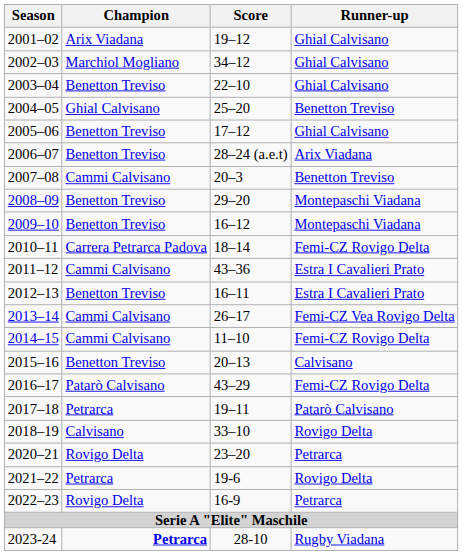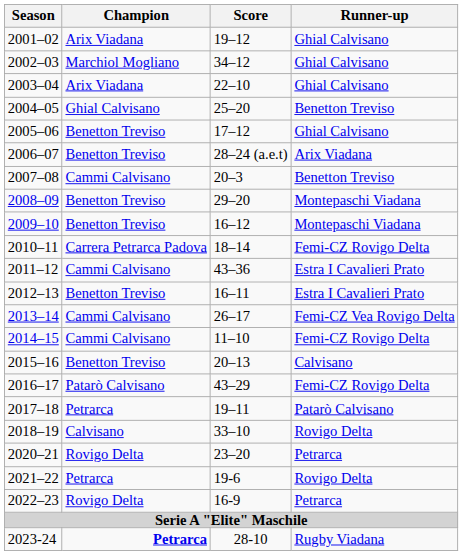 <table class = "wikitable">
 <tr>
 <th>Season</th>
 <th>Champion</th>
 <th>Score</th>
 <th>Runner-up</th>
 </tr>
 <tr>
 <td>2001–02</td>
 <td><a href='#'>Arix Viadana</a></td>
 <td>19–12</td>
 <td><a href='#'>Ghial Calvisano</a></td>
 </tr>
 <tr>
 <td>2002–03</td>
 <td><a href='#'>Marchiol Mogliano</a></td>
 <td>34–12</td>
 <td><a href='#'>Ghial Calvisano</a></td>
 </tr>
 <tr>
 <td>2003–04</td>
-<td><a href='#'>Benetton Treviso</a></td>
+<td><a href='#'>Arix Viadana</a></td>
 <td>22–10</td>
 <td><a href='#'>Ghial Calvisano</a></td>
 </tr>
 <tr>
 <td>2004–05</td>
 <td><a href='#'>Ghial Calvisano</a></td>
 <td>25–20</td>
 <td><a href='#'>Benetton Treviso</a></td>
 </tr>
 <tr>
 <td>2005–06</td>
 <td><a href='#'>Benetton Treviso</a></td>
 <td>17–12</td>
 <td><a href='#'>Ghial Calvisano</a></td>
 </tr>
 <tr>
 <td>2006–07</td>
 <td><a href='#'>Benetton Treviso</a></td>
 <td>28–24 (a.e.t)</td>
 <td><a href='#'>Arix Viadana</a></td>
 </tr>
 <tr>
 <td>2007–08</td>
 <td><a href='#'>Cammi Calvisano</a></td>
 <td>20–3</td>
 <td><a href='#'>Benetton Treviso</a></td>
 </tr>
 <tr>
 <td><a href='#'>2008–09</a></td>
 <td><a href='#'>Benetton Treviso</a></td>
 <td>29–20</td>
 <td><a href='#'>Montepaschi Viadana</a></td>
 </tr>
 <tr>
 <td><a href='#'>2009–10</a></td>
 <td><a href='#'>Benetton Treviso</a></td>
 <td>16–12</td>
 <td><a href='#'>Montepaschi Viadana</a></td>
 </tr>
 <tr>
 <td>2010–11</td>
 <td><a href='#'>Carrera Petrarca Padova</a></td>
 <td>18–14</td>
 <td><a href='#'>Femi-CZ Rovigo Delta</a></td>
 </tr>
 <tr>
 <td>2011–12</td>
 <td><a href='#'>Cammi Calvisano</a></td>
 <td>43–36</td>
 <td><a href='#'>Estra I Cavalieri Prato</a></td>
 </tr>
 <tr>
 <td>2012–13</td>
 <td><a href='#'>Benetton Treviso</a></td>
 <td>16–11</td>
 <td><a href='#'>Estra I Cavalieri Prato</a></td>
 </tr>
 <tr>
 <td><a href='#'>2013–14</a></td>
 <td><a href='#'>Cammi Calvisano</a></td>
 <td>26–17</td>
 <td><a href='#'>Femi-CZ Vea Rovigo Delta</a></td>
 </tr>
 <tr>
 <td><a href='#'>2014–15</a></td>
 <td><a href='#'>Cammi Calvisano</a></td>
 <td>11–10</td>
 <td><a href='#'>Femi-CZ Rovigo Delta</a></td>
 </tr>
 <tr>
 <td>2015–16</td>
 <td><a href='#'>Benetton Treviso</a></td>
 <td>20–13</td>
 <td><a href='#'>Calvisano</a></td>
 </tr>
 <tr>
 <td>2016–17</td>
 <td><a href='#'>Patarò Calvisano</a></td>
 <td>43–29</td>
 <td><a href='#'>Femi-CZ Rovigo Delta</a></td>
 </tr>
 <tr>
 <td>2017–18</td>
 <td><a href='#'>Petrarca</a></td>
 <td>19–11</td>
 <td><a href='#'>Patarò Calvisano</a></td>
 </tr>
 <tr>
 <td>2018–19</td>
 <td><a href='#'>Calvisano</a></td>
 <td>33–10</td>
 <td><a href='#'>Rovigo Delta</a></td>
 </tr>
 <tr>
 <td>2020–21</td>
 <td><a href='#'>Rovigo Delta</a></td>
 <td>23–20</td>
 <td><a href='#'>Petrarca</a></td>
 </tr>
 <tr>
 <td>2021–22</td>
 <td><a href='#'>Petrarca</a></td>
 <td>19-6</td>
 <td><a href='#'>Rovigo Delta</a></td>
 </tr>
 <tr>
 <td>2022–23</td>
 <td><a href='#'>Rovigo Delta</a></td>
 <td>16-9</td>
 <td><a href='#'>Petrarca</a></td>
 </tr>
 <tr bgcolor=lightgrey>
 <td colspan=4 align=center style="line-height:9px;"><span><strong>Serie A "Elite" Maschile</strong></span></td>
 </tr>
 <tr>
 <td>2023-24</td>
 <td style="text-align:right;"><strong><a href='#'>Petrarca</a></strong></td>
 <td style="text-align:center;">28-10</td>
 <td style="text-align:left;"><a href='#'>Rugby Viadana</a></td>
 </tr>
 </table>
